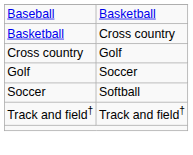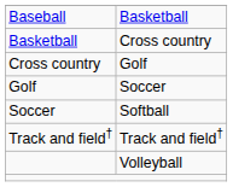 <table class="wikitable">
 <tr>
 </tr>
 <tr>
 <td><a href='#'>Baseball</a></td>
 <td><a href='#'>Basketball</a></td>
 </tr>
 <tr>
 <td><a href='#'>Basketball</a></td>
 <td>Cross country</td>
 </tr>
 <tr>
 <td>Cross country</td>
 <td>Golf</td>
 </tr>
 <tr>
 <td>Golf</td>
 <td>Soccer</td>
 </tr>
 <tr>
 <td>Soccer</td>
 <td>Softball</td>
 </tr>
 <tr>
 <td>Track and field<sup>†</sup></td>
 <td>Track and field<sup>†</sup></td>
 </tr>
 <tr>
+<td></td>
+<td>Volleyball</td>
+</tr>
+<tr>
 <td colspan="2"></td>
 </tr>
 </table>
